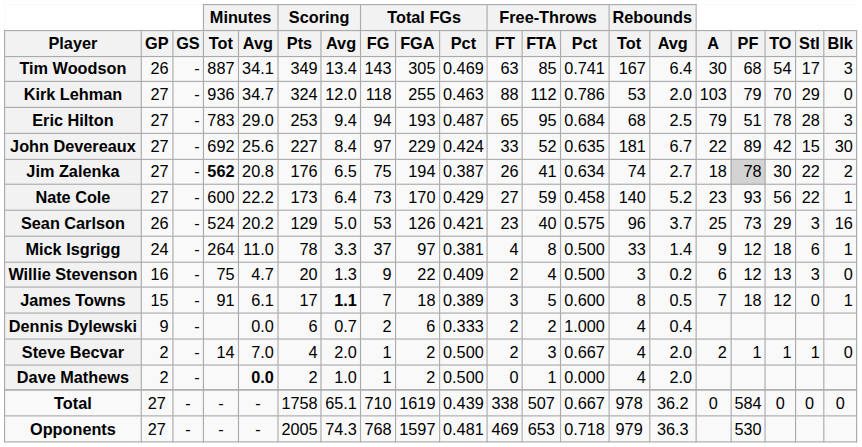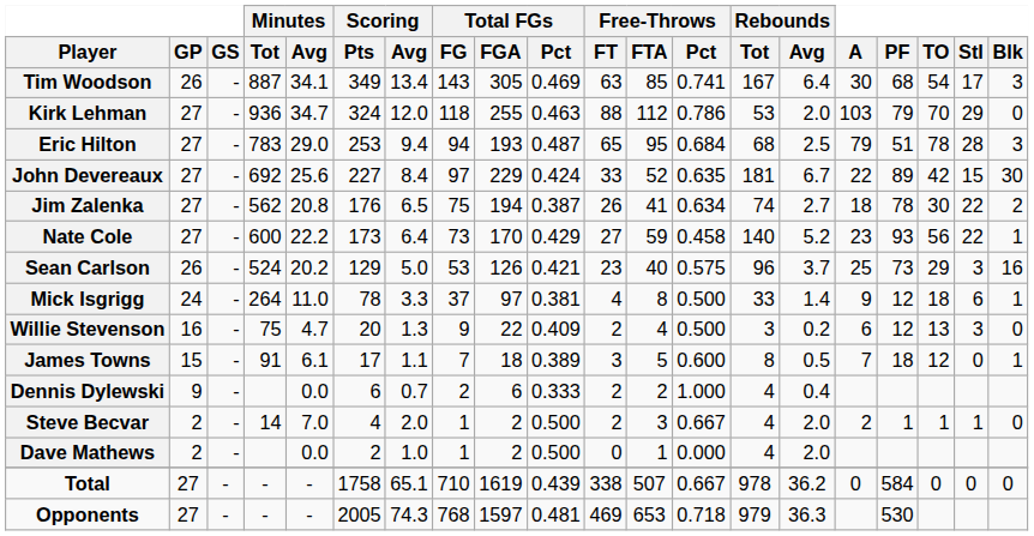 <table class="wikitable sortable" border="1" style="font-size:90%;">
 <tr>
 <th colspan="3" style="border-top-style:hidden; border-left-style:hidden; background: white;"></th>
 <th colspan="2" style=>Minutes</th>
 <th colspan="2" style=>Scoring</th>
 <th colspan="3" style=>Total FGs</th>
 <th colspan="3" style=>Free-Throws</th>
 <th colspan="2" style=>Rebounds</th>
 <th colspan="5" style="border-top-style:hidden; border-right-style:hidden; background: white;"></th>
 </tr>
 <tr>
 <th scope="col" style=>Player</th>
 <th scope="col" style=>GP</th>
 <th scope="col" style=>GS</th>
 <th scope="col" style=>Tot</th>
 <th scope="col" style=>Avg</th>
 <th scope="col" style=>Pts</th>
 <th scope="col" style=>Avg</th>
 <th scope="col" style=>FG</th>
 <th scope="col" style=>FGA</th>
 <th scope="col" style=>Pct</th>
 <th scope="col" style=>FT</th>
 <th scope="col" style=>FTA</th>
 <th scope="col" style=>Pct</th>
 <th scope="col" style=>Tot</th>
 <th scope="col" style=>Avg</th>
 <th scope="col" style=>A</th>
 <th scope="col" style=>PF</th>
 <th scope="col" style=>TO</th>
 <th scope="col" style=>Stl</th>
 <th scope="col" style=>Blk</th>
 </tr>
 <tr>
 <th>Tim Woodson</th>
 <td align="right">26</td>
 <td align="right">-</td>
 <td align="right">887</td>
 <td align="right">34.1</td>
 <td align="right">349</td>
 <td align="right">13.4</td>
 <td align="right">143</td>
 <td align="right">305</td>
 <td align="right">0.469</td>
 <td align="right">63</td>
 <td align="right">85</td>
 <td align="right">0.741</td>
 <td align="right">167</td>
 <td align="right">6.4</td>
 <td align="right">30</td>
 <td align="right">68</td>
 <td align="right">54</td>
 <td align="right">17</td>
 <td align="right">3</td>
 </tr>
 <tr>
 <th>Kirk Lehman</th>
 <td align="right">27</td>
 <td align="right">-</td>
 <td align="right">936</td>
 <td align="right">34.7</td>
 <td align="right">324</td>
 <td align="right">12.0</td>
 <td align="right">118</td>
 <td align="right">255</td>
 <td align="right">0.463</td>
 <td align="right">88</td>
 <td align="right">112</td>
 <td align="right">0.786</td>
 <td align="right">53</td>
 <td align="right">2.0</td>
 <td align="right">103</td>
 <td align="right">79</td>
 <td align="right">70</td>
 <td align="right">29</td>
 <td align="right">0</td>
 </tr>
 <tr>
 <th>Eric Hilton</th>
 <td align="right">27</td>
 <td align="right">-</td>
 <td align="right">783</td>
 <td align="right">29.0</td>
 <td align="right">253</td>
 <td align="right">9.4</td>
 <td align="right">94</td>
 <td align="right">193</td>
 <td align="right">0.487</td>
 <td align="right">65</td>
 <td align="right">95</td>
 <td align="right">0.684</td>
 <td align="right">68</td>
 <td align="right">2.5</td>
 <td align="right">79</td>
 <td align="right">51</td>
 <td align="right">78</td>
 <td align="right">28</td>
 <td align="right">3</td>
 </tr>
 <tr>
 <th>John Devereaux</th>
 <td align="right">27</td>
 <td align="right">-</td>
 <td align="right">692</td>
 <td align="right">25.6</td>
 <td align="right">227</td>
 <td align="right">8.4</td>
 <td align="right">97</td>
 <td align="right">229</td>
 <td align="right">0.424</td>
 <td align="right">33</td>
 <td align="right">52</td>
 <td align="right">0.635</td>
 <td align="right">181</td>
 <td align="right">6.7</td>
 <td align="right">22</td>
 <td align="right">89</td>
 <td align="right">42</td>
 <td align="right">15</td>
 <td align="right">30</td>
 </tr>
 <tr>
 <th>Jim Zalenka</th>
 <td align="right">27</td>
 <td align="right">-</td>
-<td align="right"><strong>562</strong></td>
+<td align="right">562</td>
 <td align="right">20.8</td>
 <td align="right">176</td>
 <td align="right">6.5</td>
 <td align="right">75</td>
 <td align="right">194</td>
 <td align="right">0.387</td>
 <td align="right">26</td>
 <td align="right">41</td>
 <td align="right">0.634</td>
 <td align="right">74</td>
 <td align="right">2.7</td>
 <td align="right">18</td>
-<td align="right" style="background: lightgrey;">78</td>
+<td align="right">78</td>
 <td align="right">30</td>
 <td align="right">22</td>
 <td align="right">2</td>
 </tr>
 <tr>
 <th>Nate Cole</th>
 <td align="right">27</td>
 <td align="right">-</td>
 <td align="right">600</td>
 <td align="right">22.2</td>
 <td align="right">173</td>
 <td align="right">6.4</td>
 <td align="right">73</td>
 <td align="right">170</td>
 <td align="right">0.429</td>
 <td align="right">27</td>
 <td align="right">59</td>
 <td align="right">0.458</td>
 <td align="right">140</td>
 <td align="right">5.2</td>
 <td align="right">23</td>
 <td align="right">93</td>
 <td align="right">56</td>
 <td align="right">22</td>
 <td align="right">1</td>
 </tr>
 <tr>
 <th>Sean Carlson</th>
 <td align="right">26</td>
 <td align="right">-</td>
 <td align="right">524</td>
 <td align="right">20.2</td>
 <td align="right">129</td>
 <td align="right">5.0</td>
 <td align="right">53</td>
 <td align="right">126</td>
 <td align="right">0.421</td>
 <td align="right">23</td>
 <td align="right">40</td>
 <td align="right">0.575</td>
 <td align="right">96</td>
 <td align="right">3.7</td>
 <td align="right">25</td>
 <td align="right">73</td>
 <td align="right">29</td>
 <td align="right">3</td>
 <td align="right">16</td>
 </tr>
 <tr>
 <th>Mick Isgrigg</th>
 <td align="right">24</td>
 <td align="right">-</td>
 <td align="right">264</td>
 <td align="right">11.0</td>
 <td align="right">78</td>
 <td align="right">3.3</td>
 <td align="right">37</td>
 <td align="right">97</td>
 <td align="right">0.381</td>
 <td align="right">4</td>
 <td align="right">8</td>
 <td align="right">0.500</td>
 <td align="right">33</td>
 <td align="right">1.4</td>
 <td align="right">9</td>
 <td align="right">12</td>
 <td align="right">18</td>
 <td align="right">6</td>
 <td align="right">1</td>
 </tr>
 <tr>
 <th>Willie Stevenson</th>
 <td align="right">16</td>
 <td align="right">-</td>
 <td align="right">75</td>
 <td align="right">4.7</td>
 <td align="right">20</td>
 <td align="right">1.3</td>
 <td align="right">9</td>
 <td align="right">22</td>
 <td align="right">0.409</td>
 <td align="right">2</td>
 <td align="right">4</td>
 <td align="right">0.500</td>
 <td align="right">3</td>
 <td align="right">0.2</td>
 <td align="right">6</td>
 <td align="right">12</td>
 <td align="right">13</td>
 <td align="right">3</td>
 <td align="right">0</td>
 </tr>
 <tr>
 <th>James Towns</th>
 <td align="right">15</td>
 <td align="right">-</td>
 <td align="right">91</td>
 <td align="right">6.1</td>
 <td align="right">17</td>
-<td align="right"><strong>1.1</strong></td>
+<td align="right">1.1</td>
 <td align="right">7</td>
 <td align="right">18</td>
 <td align="right">0.389</td>
 <td align="right">3</td>
 <td align="right">5</td>
 <td align="right">0.600</td>
 <td align="right">8</td>
 <td align="right">0.5</td>
 <td align="right">7</td>
 <td align="right">18</td>
 <td align="right">12</td>
 <td align="right">0</td>
 <td align="right">1</td>
 </tr>
 <tr>
 <th>Dennis Dylewski</th>
 <td align="right">9</td>
 <td align="right">-</td>
 <td align="right"></td>
 <td align="right">0.0</td>
 <td align="right">6</td>
 <td align="right">0.7</td>
 <td align="right">2</td>
 <td align="right">6</td>
 <td align="right">0.333</td>
 <td align="right">2</td>
 <td align="right">2</td>
 <td align="right">1.000</td>
 <td align="right">4</td>
 <td align="right">0.4</td>
 <td align="right"></td>
 <td align="right"></td>
 <td align="right"></td>
 <td align="right"></td>
 <td align="right"></td>
 </tr>
 <tr>
 <th>Steve Becvar</th>
 <td align="right">2</td>
 <td align="right">-</td>
 <td align="right">14</td>
 <td align="right">7.0</td>
 <td align="right">4</td>
 <td align="right">2.0</td>
 <td align="right">1</td>
 <td align="right">2</td>
 <td align="right">0.500</td>
 <td align="right">2</td>
 <td align="right">3</td>
 <td align="right">0.667</td>
 <td align="right">4</td>
 <td align="right">2.0</td>
 <td align="right">2</td>
 <td align="right">1</td>
 <td align="right">1</td>
 <td align="right">1</td>
 <td align="right">0</td>
 </tr>
 <tr>
 <th>Dave Mathews</th>
 <td align="right">2</td>
 <td align="right">-</td>
 <td align="right"></td>
-<td align="right"><strong>0.0</strong></td>
+<td align="right">0.0</td>
 <td align="right">2</td>
 <td align="right">1.0</td>
 <td align="right">1</td>
 <td align="right">2</td>
 <td align="right">0.500</td>
 <td align="right">0</td>
 <td align="right">1</td>
 <td align="right">0.000</td>
 <td align="right">4</td>
 <td align="right">2.0</td>
 <td align="right"></td>
 <td align="right"></td>
 <td align="right"></td>
 <td align="right"></td>
 <td align="right"></td>
 </tr>
 <tr>
 </tr>
 <tr class="sortbottom">
 <td align="center" style=><strong>Total</strong></td>
 <td align="center" style=>27</td>
 <td align="center" style=>-</td>
 <td align="center" style=>-</td>
 <td align="center" style=>-</td>
 <td align="center" style=>1758</td>
 <td align="center" style=>65.1</td>
 <td align="center" style=>710</td>
 <td align="center" style=>1619</td>
 <td align="center" style=>0.439</td>
 <td align="center" style=>338</td>
 <td align="center" style=>507</td>
 <td align="center" style=>0.667</td>
 <td align="center" style=>978</td>
 <td align="center" style=>36.2</td>
 <td align="center" style=>0</td>
 <td align="center" style=>584</td>
 <td align="center" style=>0</td>
 <td align="center" style=>0</td>
 <td align="center" style=>0</td>
 </tr>
 <tr class="sortbottom">
 <td align="center"><strong>Opponents</strong></td>
 <td align="center">27</td>
 <td align="center">-</td>
 <td align="center">-</td>
 <td align="center">-</td>
 <td align="center">2005</td>
 <td align="center">74.3</td>
 <td align="center">768</td>
 <td align="center">1597</td>
 <td align="center">0.481</td>
 <td align="center">469</td>
 <td align="center">653</td>
 <td align="center">0.718</td>
 <td align="center">979</td>
 <td align="center">36.3</td>
 <td align="center"></td>
 <td align="center">530</td>
 <td align="center"></td>
 <td align="center"></td>
 <td align="center"></td>
 </tr>
 </table>
